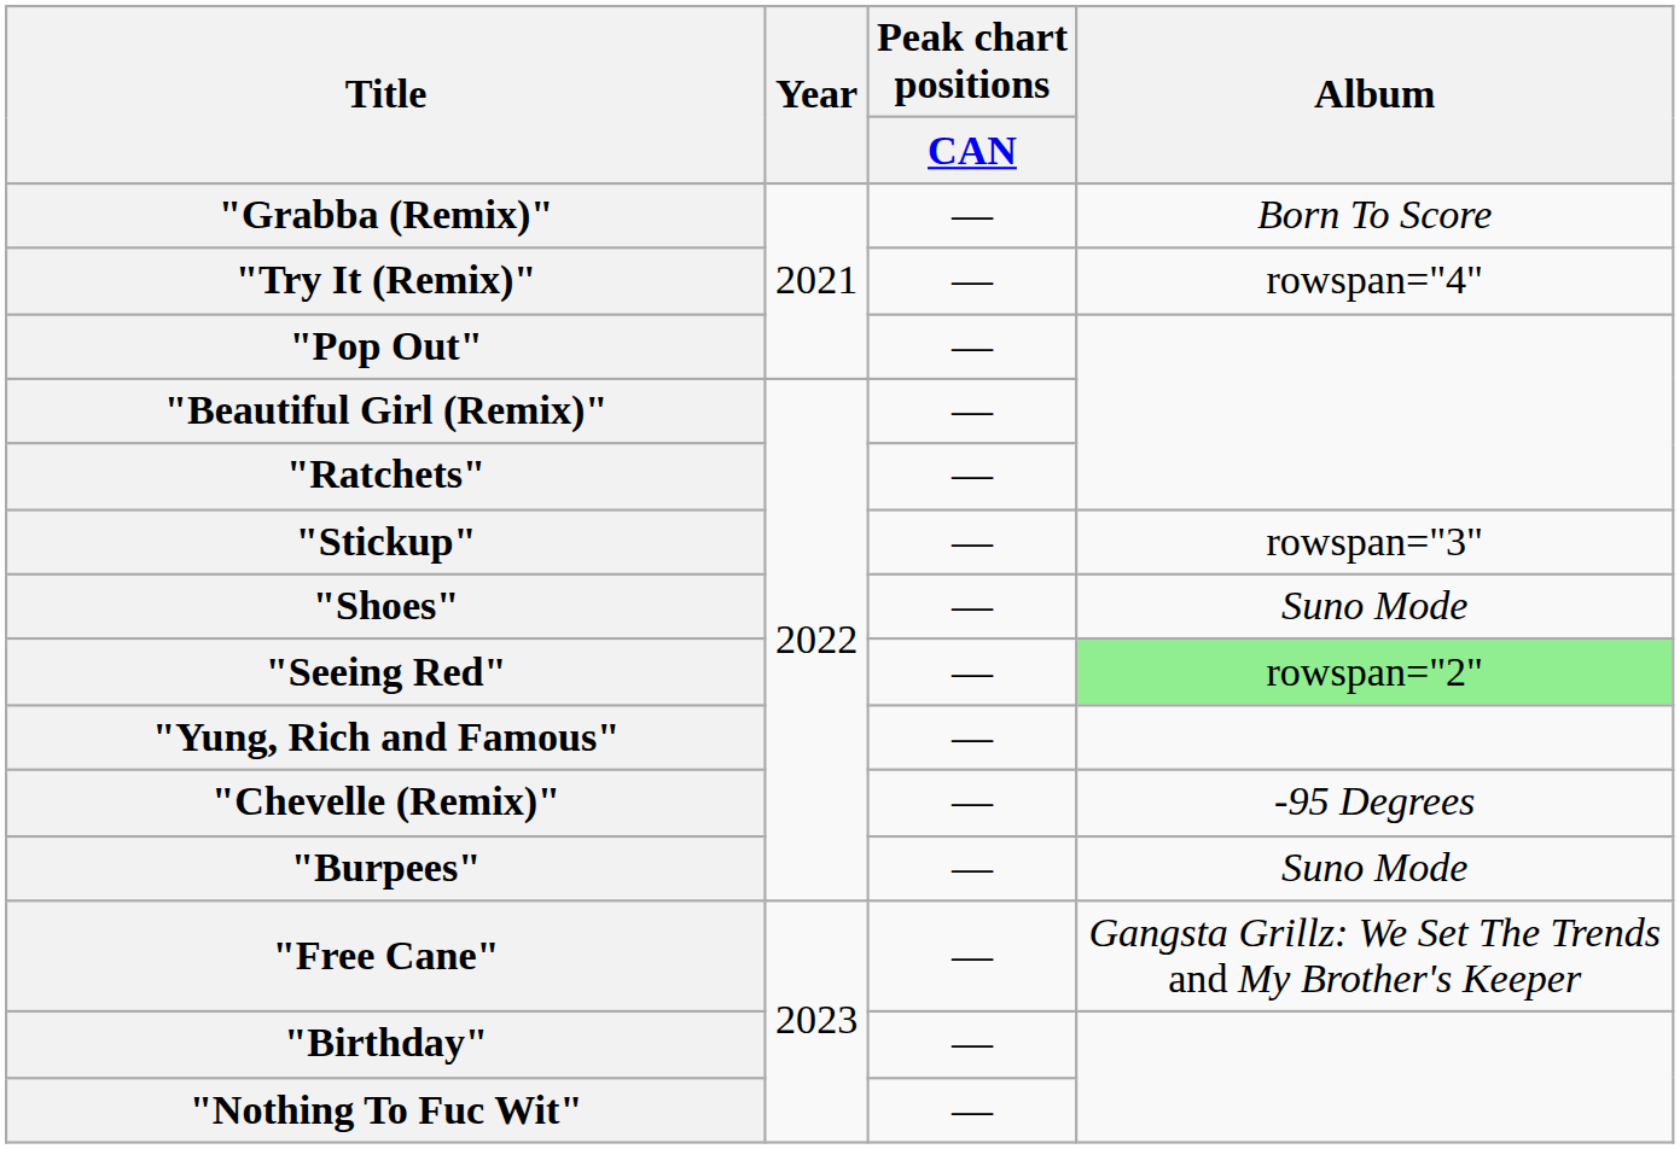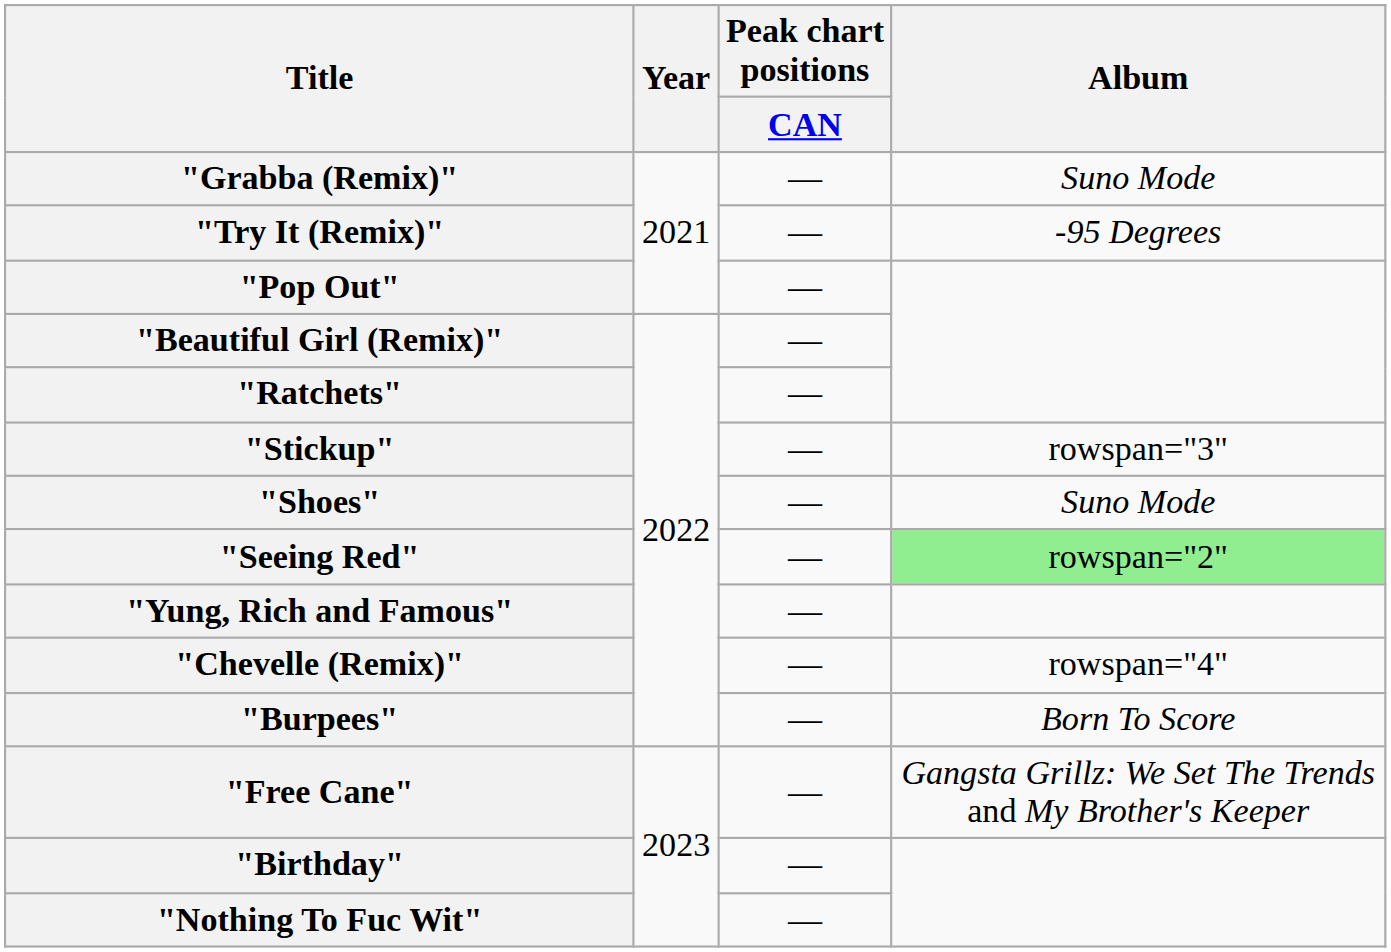 <table class="wikitable plainrowheaders" style="text-align:center;">
 <tr>
 <th scope="col" rowspan="2" style="width:18em;">Title</th>
 <th scope="col" rowspan="2" style="width:1em;">Year</th>
 <th scope="col" colspan="1">Peak chart<br>positions</th>
 <th scope="col" rowspan="2" style="width:14em;">Album</th>
 </tr>
 <tr>
 <th scope="col"><a href='#'>CAN</a><br></th>
 </tr>
 <tr>
 <th scope="row">"Grabba (Remix)"<br></th>
 <td rowspan="3">2021</td>
 <td>—</td>
-<td><em>Born To Score</em></td>
+<td><em>Suno Mode</em></td>
 </tr>
 <tr>
 <th scope="row">"Try It (Remix)"<br></th>
 <td>—</td>
-<td>rowspan="4" </td>
+<td><em>-95 Degrees</em></td>
 </tr>
 <tr>
 <th Scope="row">"Pop Out"<br></th>
 <td>—</td>
 </tr>
 <tr>
 <th Scope="row">"Beautiful Girl (Remix)"<br></th>
 <td rowspan="8">2022</td>
 <td>—</td>
 </tr>
 <tr>
 <th scope="row">"Ratchets"<br></th>
 <td>—</td>
 </tr>
 <tr>
 <th scope="row">"Stickup"<br></th>
 <td>—</td>
 <td>rowspan="3" </td>
 </tr>
 <tr>
 <th scope="row">"Shoes"<br></th>
 <td>—</td>
 <td><em>Suno Mode</em></td>
 </tr>
 <tr>
 <th Scope="row">"Seeing Red"<br></th>
 <td>—</td>
 <td style="background: lightgreen;">rowspan="2" </td>
 </tr>
 <tr>
 <th Scope="Row">"Yung, Rich and Famous"<br></th>
 <td>—</td>
 </tr>
 <tr>
 <th scope="row">"Chevelle (Remix)"<br></th>
 <td>—</td>
-<td><em>-95 Degrees</em></td>
+<td>rowspan="4" </td>
 </tr>
 <tr>
 <th Scope="Row">"Burpees"<br></th>
 <td>—</td>
-<td><em>Suno Mode</em></td>
+<td><em>Born To Score</em></td>
 </tr>
 <tr>
 <th Scope="Row">"Free Cane"<br></th>
 <td rowspan="3">2023</td>
 <td>—</td>
 <td><em>Gangsta Grillz: We Set The Trends</em> and <em>My Brother's Keeper</em></td>
 </tr>
 <tr>
 <th Scope="Row">"Birthday"<br></th>
 <td>—</td>
 </tr>
 <tr>
 <th scope="row">"Nothing To Fuc Wit"<br></th>
 <td>—</td>
 </tr>
 </table>
